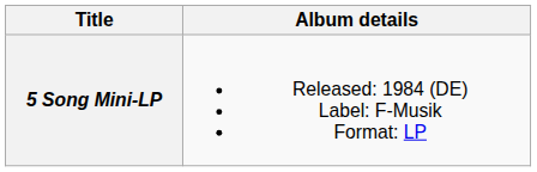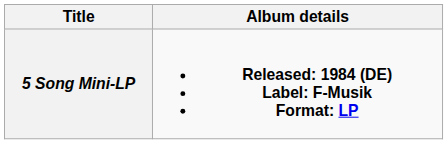 <table class="wikitable plainrowheaders" style="text-align:center;">
 <tr>
 <th scope="col" rowspan="1" style="width:9em;">Title</th>
 <th scope="col" rowspan="1" style="width:18em;">Album details</th>
 </tr>
 <tr>
 <th scope="row"><em>5 Song Mini-LP</em></th>
-<td><br><ul><li>Released: 1984 <span>(DE)</span></li><li>Label: F-Musik</li><li>Format: <a href='#'>LP</a></li></ul></td>
+<td><strong><br><ul><li>Released: 1984 <span>(DE)</span></li><li>Label: F-Musik</li><li>Format: <a href='#'>LP</a></li></ul></strong></td>
 </tr>
 </table>
